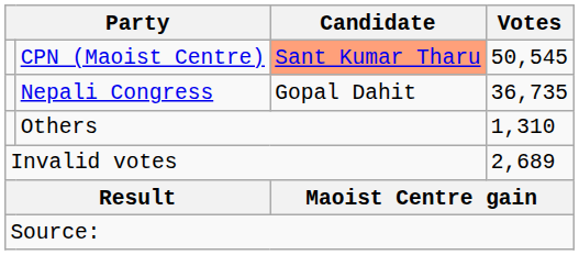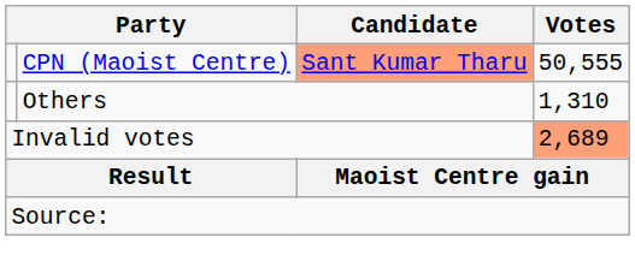 <table class="wikitable">
 <tr>
 <th colspan="2">Party</th>
 <th>Candidate</th>
 <th>Votes</th>
 </tr>
 <tr>
 <td style="background-color:"></td>
 <td><a href='#'>CPN (Maoist Centre)</a></td>
 <td style="background: lightsalmon;"><a href='#'>Sant Kumar Tharu</a></td>
-<td>50,545</td>
-</tr>
-<tr>
-<td style="background-color:"></td>
-<td><a href='#'>Nepali Congress</a></td>
-<td>Gopal Dahit</td>
-<td>36,735</td>
+<td>50,555</td>
 </tr>
 <tr>
 <td></td>
 <td colspan="2">Others</td>
 <td>1,310</td>
 </tr>
 <tr>
 <td colspan="3">Invalid votes</td>
-<td>2,689</td>
+<td style="background: lightsalmon;">2,689</td>
 </tr>
 <tr>
 <th colspan="2">Result</th>
 <th colspan="2">Maoist Centre gain</th>
 </tr>
 <tr>
 <td colspan="4">Source: </td>
 </tr>
 </table>
